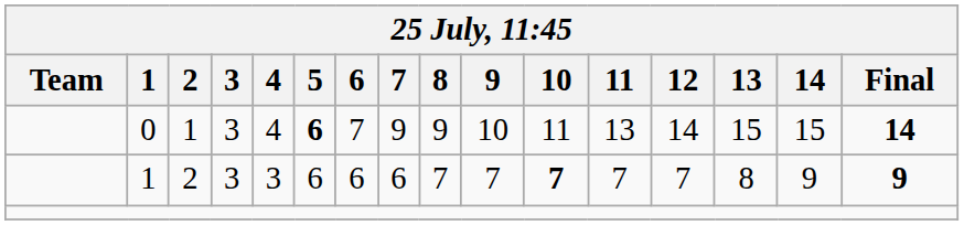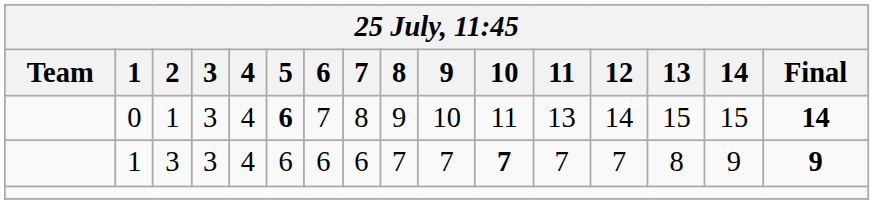 <table class=wikitable style="text-align:center; width: 55%">
 <tr>
 <th colspan=17><em>25 July, 11:45</em></th>
 </tr>
 <tr>
 <th>Team</th>
 <th>1</th>
 <th>2</th>
 <th>3</th>
 <th>4</th>
 <th>5</th>
 <th>6</th>
 <th>7</th>
 <th>8</th>
 <th>9</th>
 <th>10</th>
 <th>11</th>
 <th>12</th>
 <th>13</th>
 <th>14</th>
 <th>Final</th>
 </tr>
 <tr>
 <td align=left><strong></strong></td>
 <td>0</td>
 <td>1</td>
 <td>3</td>
 <td>4</td>
 <td><strong>6</strong></td>
 <td>7</td>
-<td>9</td>
+<td>8</td>
 <td>9</td>
 <td>10</td>
 <td>11</td>
 <td>13</td>
 <td>14</td>
 <td>15</td>
 <td>15</td>
 <td><strong>14</strong></td>
 </tr>
 <tr>
 <td align=left></td>
 <td>1</td>
-<td>2</td>
 <td>3</td>
 <td>3</td>
+<td>4</td>
 <td>6</td>
 <td>6</td>
 <td>6</td>
 <td>7</td>
 <td>7</td>
 <td><strong>7</strong></td>
 <td>7</td>
 <td>7</td>
 <td>8</td>
 <td>9</td>
 <td><strong>9</strong></td>
 </tr>
 <tr>
 <td colspan=17></td>
 </tr>
 </table>
